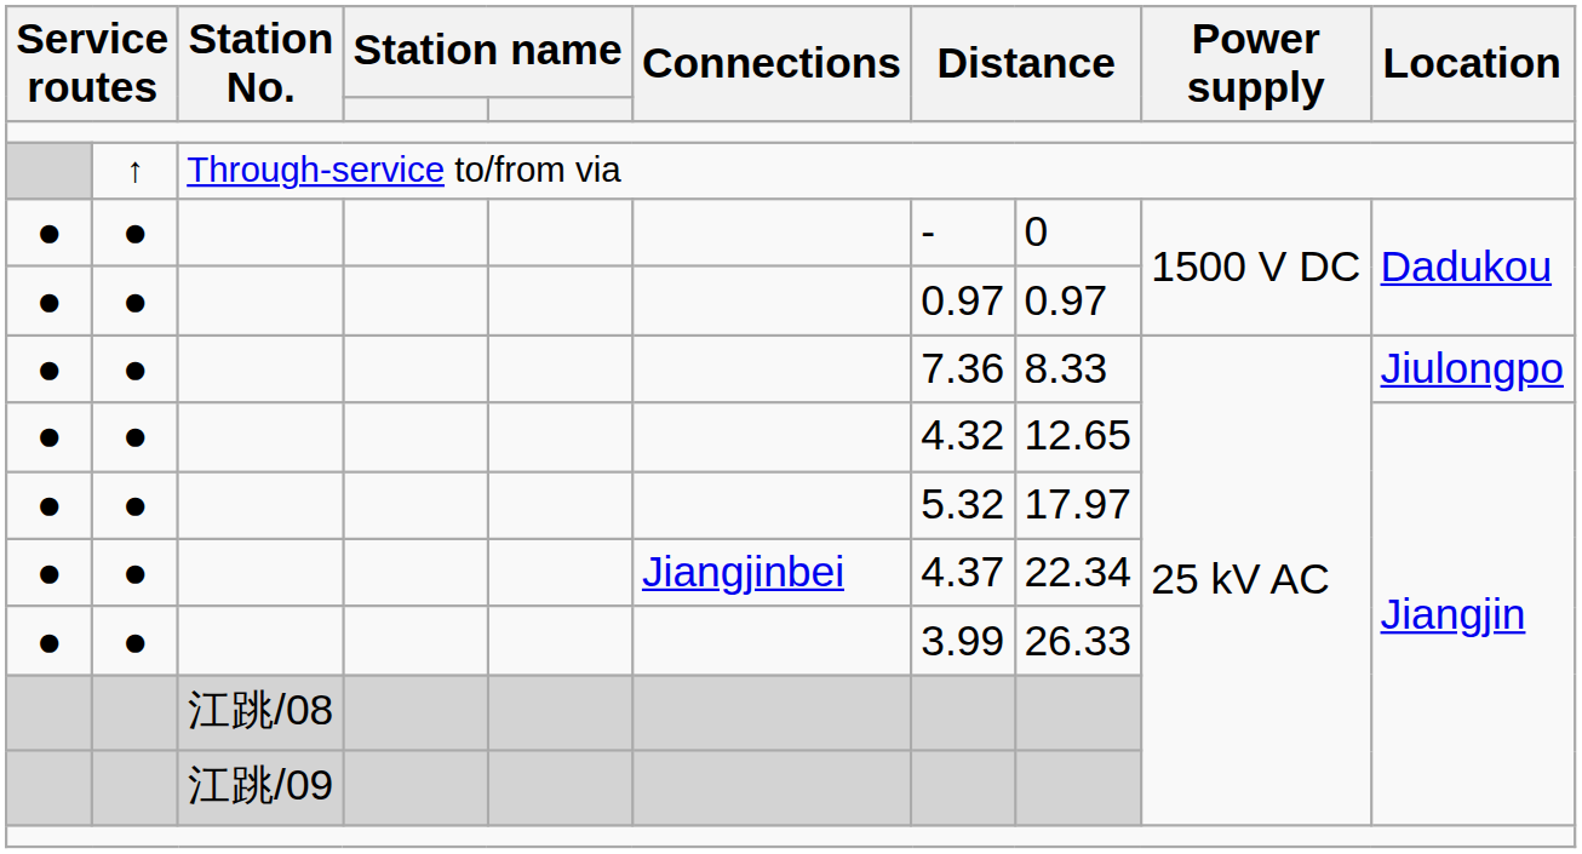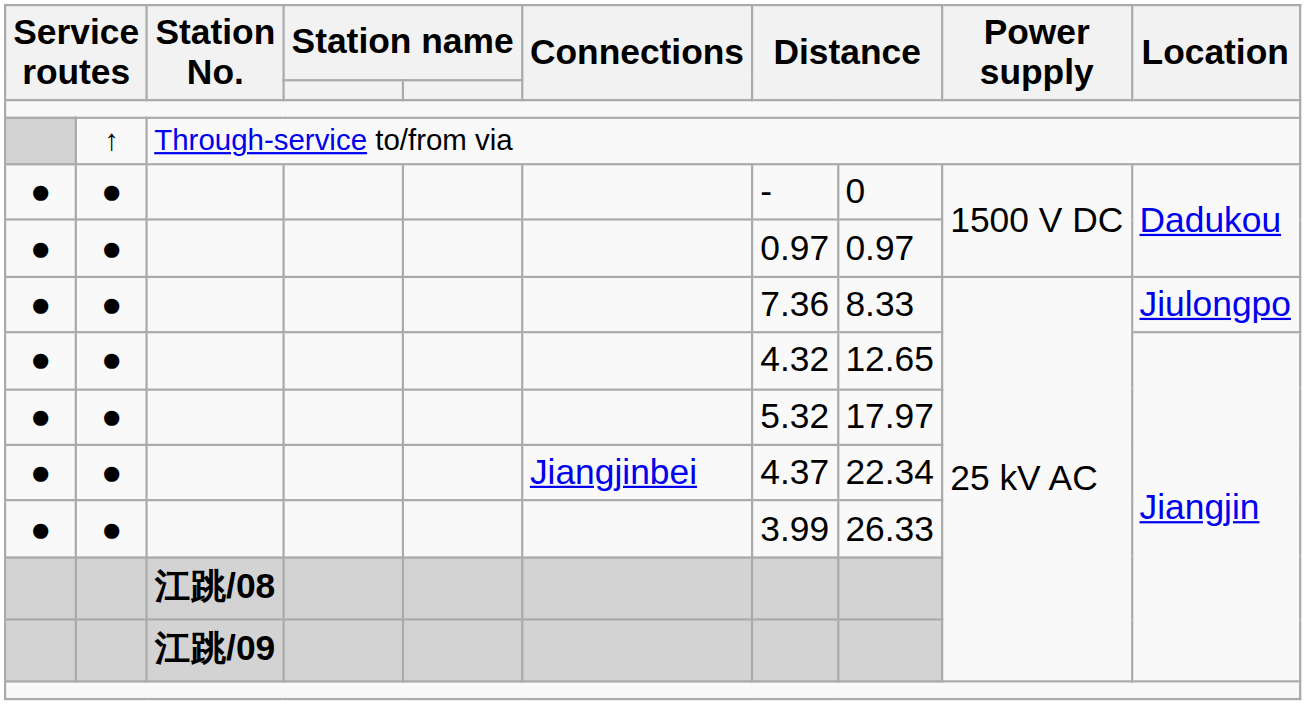 <table class="wikitable">
 <tr>
 <th colspan="2" rowspan="2">Service<br>routes</th>
 <th rowspan="2">Station<br>No.</th>
 <th colspan="2">Station name</th>
 <th rowspan="2">Connections</th>
 <th colspan="2" rowspan="2">Distance<br></th>
 <th rowspan="2">Power<br>supply</th>
 <th rowspan="2">Location</th>
 </tr>
 <tr>
 <th></th>
 <th></th>
 </tr>
 <tr style="background:#">
 <td colspan = "10"></td>
 </tr>
 <tr style="font-size:smaller">
 <td align="center" style="background:lightgrey"></td>
 <td align="center" style="background:#">↑</td>
 <td colspan="8"><a href='#'>Through-service</a> to/from  via </td>
 </tr>
 <tr>
 <td align="center">●</td>
 <td align="center">●</td>
 <td></td>
 <td></td>
 <td></td>
 <td> </td>
 <td>-</td>
 <td>0</td>
 <td rowspan="2">1500 V DC</td>
 <td rowspan="2"><a href='#'>Dadukou</a></td>
 </tr>
 <tr>
 <td align="center">●</td>
 <td align="center">●</td>
 <td></td>
 <td></td>
 <td></td>
 <td></td>
 <td>0.97</td>
 <td>0.97</td>
 </tr>
 <tr>
 <td align="center">●</td>
 <td align="center">●</td>
 <td></td>
 <td></td>
 <td></td>
 <td></td>
 <td>7.36</td>
 <td>8.33</td>
 <td rowspan="7">25 kV AC</td>
 <td><a href='#'>Jiulongpo</a></td>
 </tr>
 <tr>
 <td align="center">●</td>
 <td align="center">●</td>
 <td></td>
 <td></td>
 <td></td>
 <td></td>
 <td>4.32</td>
 <td>12.65</td>
 <td rowspan="6"><a href='#'>Jiangjin</a></td>
 </tr>
 <tr>
 <td align="center">●</td>
 <td align="center">●</td>
 <td></td>
 <td></td>
 <td></td>
 <td></td>
 <td>5.32</td>
 <td>17.97</td>
 </tr>
 <tr>
 <td align="center">●</td>
 <td align="center">●</td>
 <td></td>
 <td></td>
 <td></td>
 <td> <a href='#'>Jiangjinbei</a></td>
 <td>4.37</td>
 <td>22.34</td>
 </tr>
 <tr>
 <td align="center">●</td>
 <td align="center">●</td>
 <td></td>
 <td></td>
 <td></td>
 <td></td>
 <td>3.99</td>
 <td>26.33</td>
 </tr>
 <tr bgcolor="lightgrey">
 <td></td>
 <td></td>
-<td>江跳/08</td>
+<td><strong>江跳/08</strong></td>
 <td><em></em></td>
 <td></td>
 <td></td>
 <td></td>
 <td></td>
 </tr>
 <tr bgcolor="lightgrey">
 <td></td>
 <td></td>
-<td>江跳/09</td>
+<td><strong>江跳/09</strong></td>
 <td><em></em></td>
 <td></td>
 <td></td>
 <td></td>
 <td></td>
 </tr>
 <tr style="background:#">
 <td colspan="10"></td>
 </tr>
 </table>
